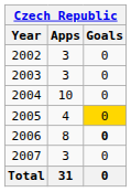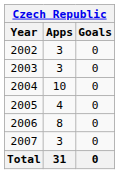 <table class="wikitable" style="text-align:center">
 <tr>
 <th colspan=3><a href='#'>Czech Republic</a></th>
 </tr>
 <tr>
 <th>Year</th>
 <th>Apps</th>
 <th>Goals</th>
 </tr>
 <tr>
 <td>2002</td>
 <td>3</td>
 <td>0</td>
 </tr>
 <tr>
 <td>2003</td>
 <td>3</td>
 <td>0</td>
 </tr>
 <tr>
 <td>2004</td>
 <td>10</td>
 <td>0</td>
 </tr>
 <tr>
 <td>2005</td>
 <td>4</td>
-<td style="background: gold;">0</td>
+<td>0</td>
 </tr>
 <tr>
 <td>2006</td>
 <td>8</td>
-<td><strong>0</strong></td>
+<td>0</td>
 </tr>
 <tr>
 <td>2007</td>
 <td>3</td>
 <td>0</td>
 </tr>
 <tr>
 <th>Total</th>
 <th>31</th>
 <th>0</th>
 </tr>
 </table>
